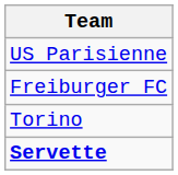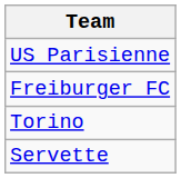 <table class = "wikitable sortable">
 <tr>
 <th width= px>Team</th>
 </tr>
 <tr>
 <td> <a href='#'>US Parisienne</a></td>
 </tr>
 <tr>
 <td> <a href='#'>Freiburger FC</a> </td>
 </tr>
 <tr>
 <td> <a href='#'>Torino</a></td>
 </tr>
 <tr>
-<td><strong> <a href='#'>Servette</a></strong></td>
+<td> <a href='#'>Servette</a></td>
 </tr>
 </table>
